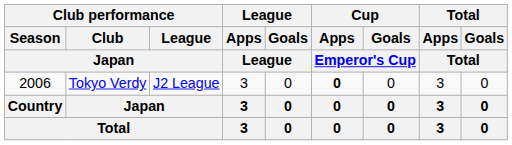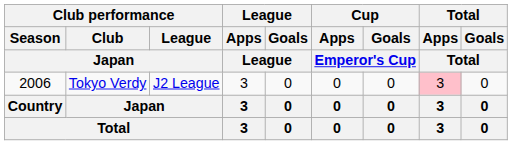 <table class="wikitable" style="text-align:center;">
 <tr>
 <th colspan=3>Club performance</th>
 <th colspan=2>League</th>
 <th colspan=2>Cup</th>
 <th colspan=2>Total</th>
 </tr>
 <tr>
 <th>Season</th>
 <th>Club</th>
 <th>League</th>
 <th>Apps</th>
 <th>Goals</th>
 <th>Apps</th>
 <th>Goals</th>
 <th>Apps</th>
 <th>Goals</th>
 </tr>
 <tr>
 <th colspan=3>Japan</th>
 <th colspan=2>League</th>
 <th colspan=2><a href='#'>Emperor's Cup</a></th>
 <th colspan=2>Total</th>
 </tr>
 <tr>
 <td>2006</td>
 <td><a href='#'>Tokyo Verdy</a></td>
 <td><a href='#'>J2 League</a></td>
 <td>3</td>
 <td>0</td>
-<td><strong>0</strong></td>
 <td>0</td>
-<td>3</td>
+<td>0</td>
+<td style="background: pink;">3</td>
 <td>0</td>
 </tr>
 <tr>
 <th rowspan=1>Country</th>
 <th colspan=2>Japan</th>
 <th>3</th>
 <th>0</th>
 <th>0</th>
 <th>0</th>
 <th>3</th>
 <th>0</th>
 </tr>
 <tr>
 <th colspan=3>Total</th>
 <th>3</th>
 <th>0</th>
 <th>0</th>
 <th>0</th>
 <th>3</th>
 <th>0</th>
 </tr>
 </table>
